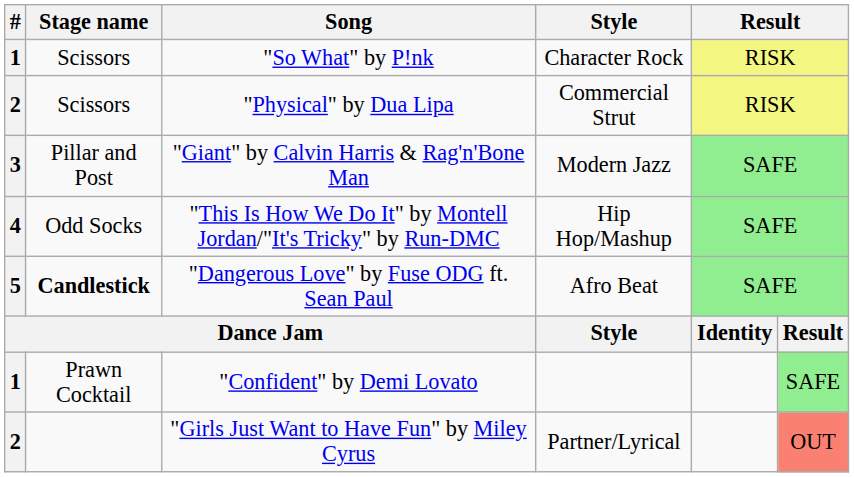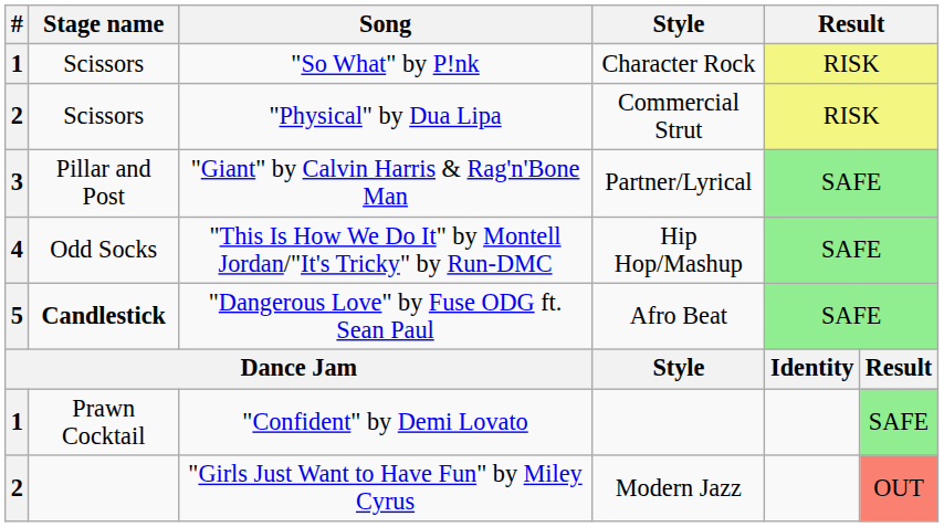 <table class="wikitable plainrowheaders" style="text-align: center;">
 <tr>
 <th>#</th>
 <th>Stage name</th>
 <th>Song</th>
 <th>Style</th>
 <th colspan="2">Result</th>
 </tr>
 <tr>
 <th>1</th>
 <td>Scissors</td>
 <td>"<a href='#'>So What</a>" by <a href='#'>P!nk</a></td>
 <td>Character Rock</td>
 <td colspan="2" bgcolor=#F3F781>RISK</td>
 </tr>
 <tr>
 <th>2</th>
 <td>Scissors</td>
 <td>"<a href='#'>Physical</a>" by <a href='#'>Dua Lipa</a></td>
 <td>Commercial Strut</td>
 <td colspan="2" bgcolor=#F3F781>RISK</td>
 </tr>
 <tr>
 <th>3</th>
 <td>Pillar and Post</td>
 <td>"<a href='#'>Giant</a>" by <a href='#'>Calvin Harris</a> & <a href='#'>Rag'n'Bone Man</a></td>
-<td>Modern Jazz</td>
+<td>Partner/Lyrical</td>
 <td colspan="2" bgcolor=lightgreen>SAFE</td>
 </tr>
 <tr>
 <th>4</th>
 <td>Odd Socks</td>
 <td>"<a href='#'>This Is How We Do It</a>" by <a href='#'>Montell Jordan</a>/"<a href='#'>It's Tricky</a>" by <a href='#'>Run-DMC</a></td>
 <td>Hip Hop/Mashup</td>
 <td colspan="2" bgcolor=lightgreen>SAFE</td>
 </tr>
 <tr>
 <th>5</th>
 <td><strong>Candlestick</strong></td>
 <td>"<a href='#'>Dangerous Love</a>" by <a href='#'>Fuse ODG</a> ft. <a href='#'>Sean Paul</a></td>
 <td>Afro Beat</td>
 <td colspan="2" bgcolor=lightgreen>SAFE</td>
 </tr>
 <tr>
 <th colspan="3">Dance Jam</th>
 <th>Style</th>
 <th>Identity</th>
 <th>Result</th>
 </tr>
 <tr>
 <th>1</th>
 <td>Prawn Cocktail</td>
 <td>"<a href='#'>Confident</a>" by <a href='#'>Demi Lovato</a></td>
 <td></td>
 <td></td>
 <td bgcolor=lightgreen>SAFE</td>
 </tr>
 <tr>
 <th>2</th>
 <td></td>
 <td>"<a href='#'>Girls Just Want to Have Fun</a>" by <a href='#'>Miley Cyrus</a></td>
-<td>Partner/Lyrical</td>
+<td>Modern Jazz</td>
 <td></td>
 <td bgcolor=salmon>OUT</td>
 </tr>
 </table>
